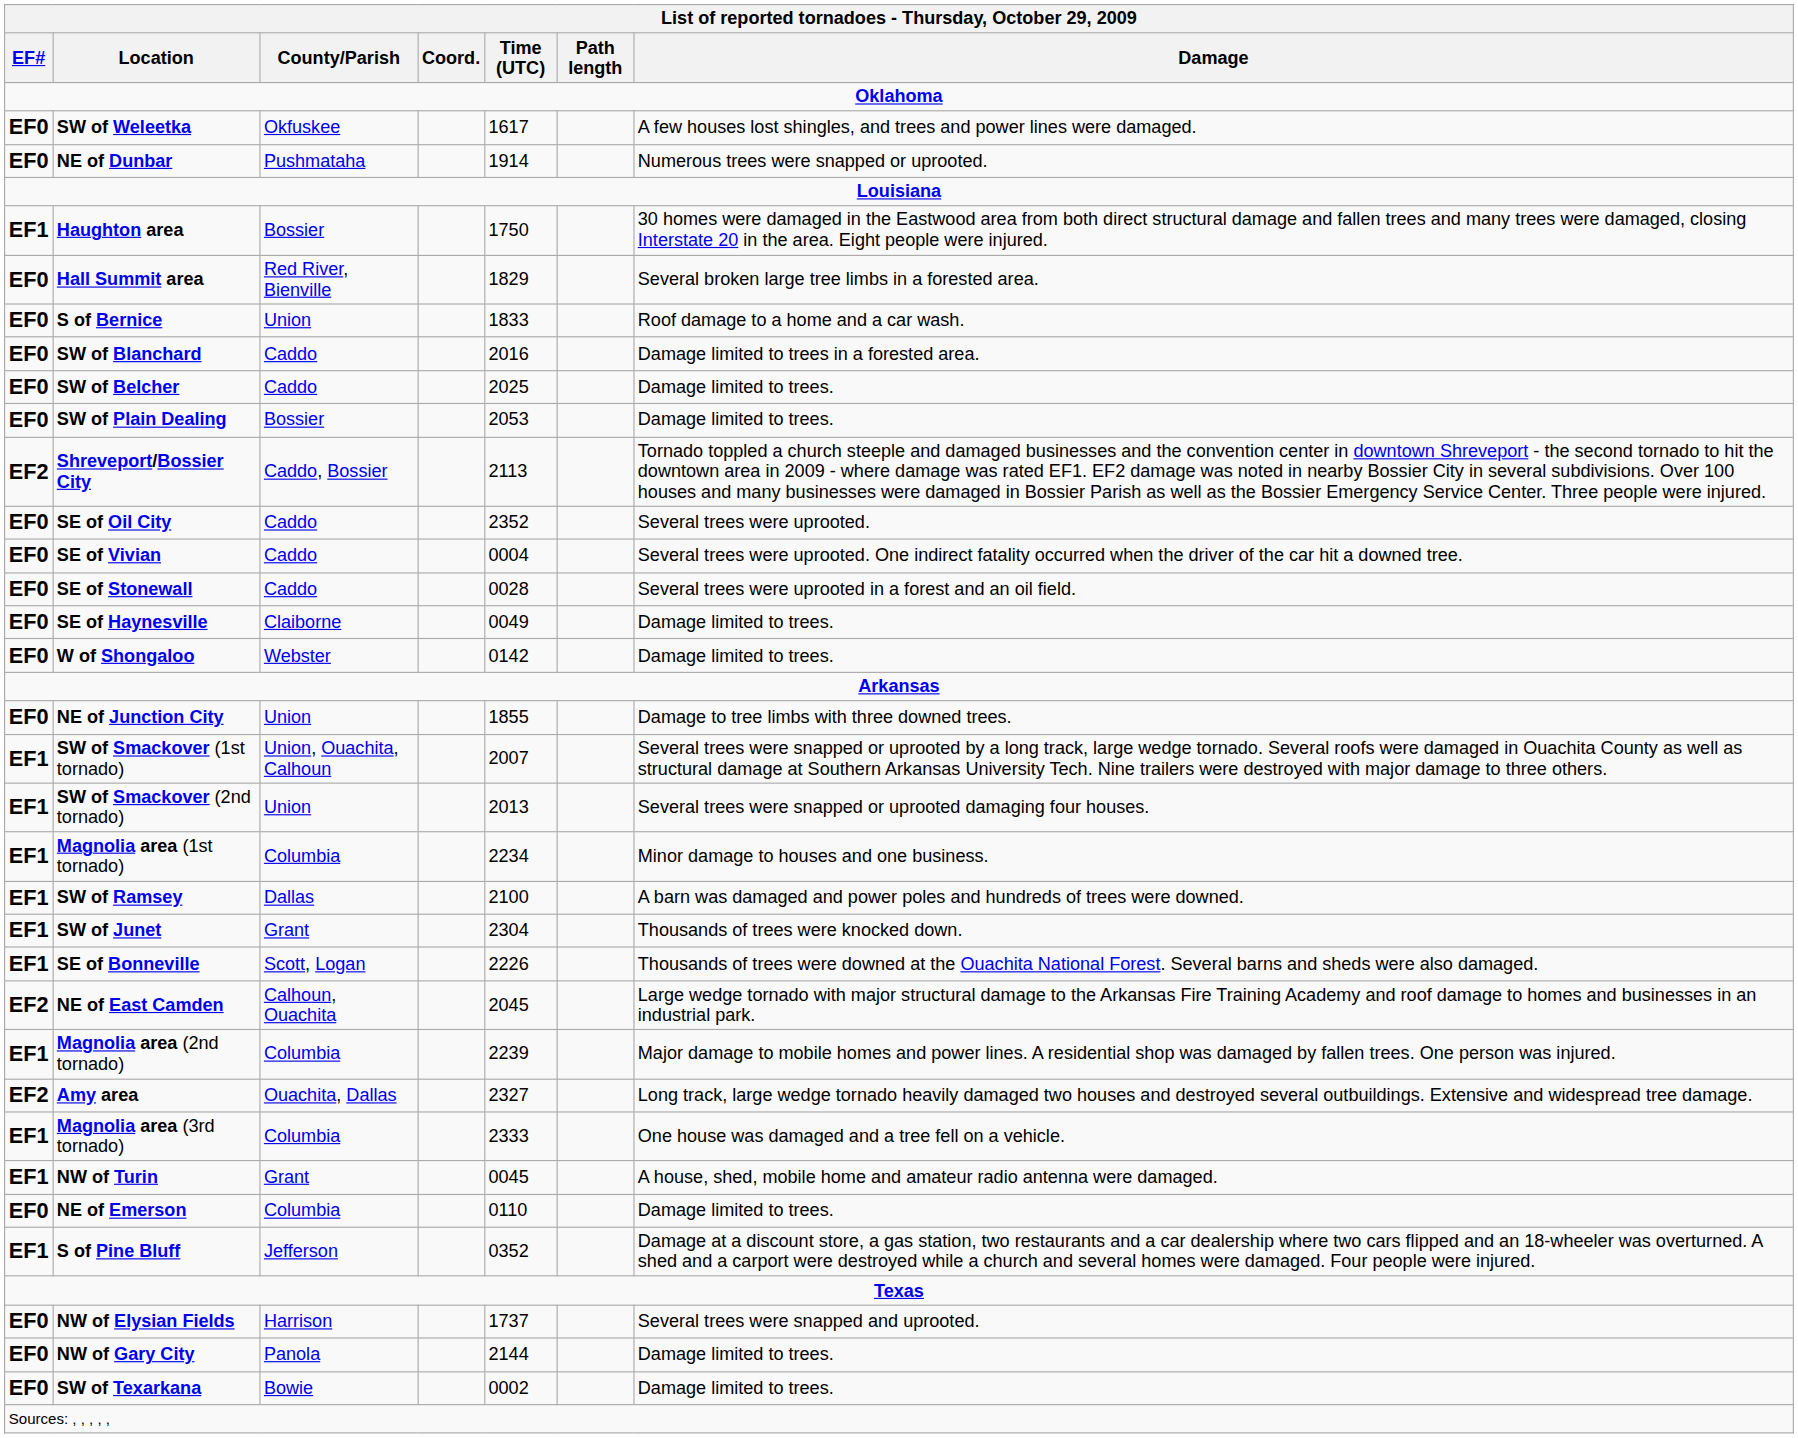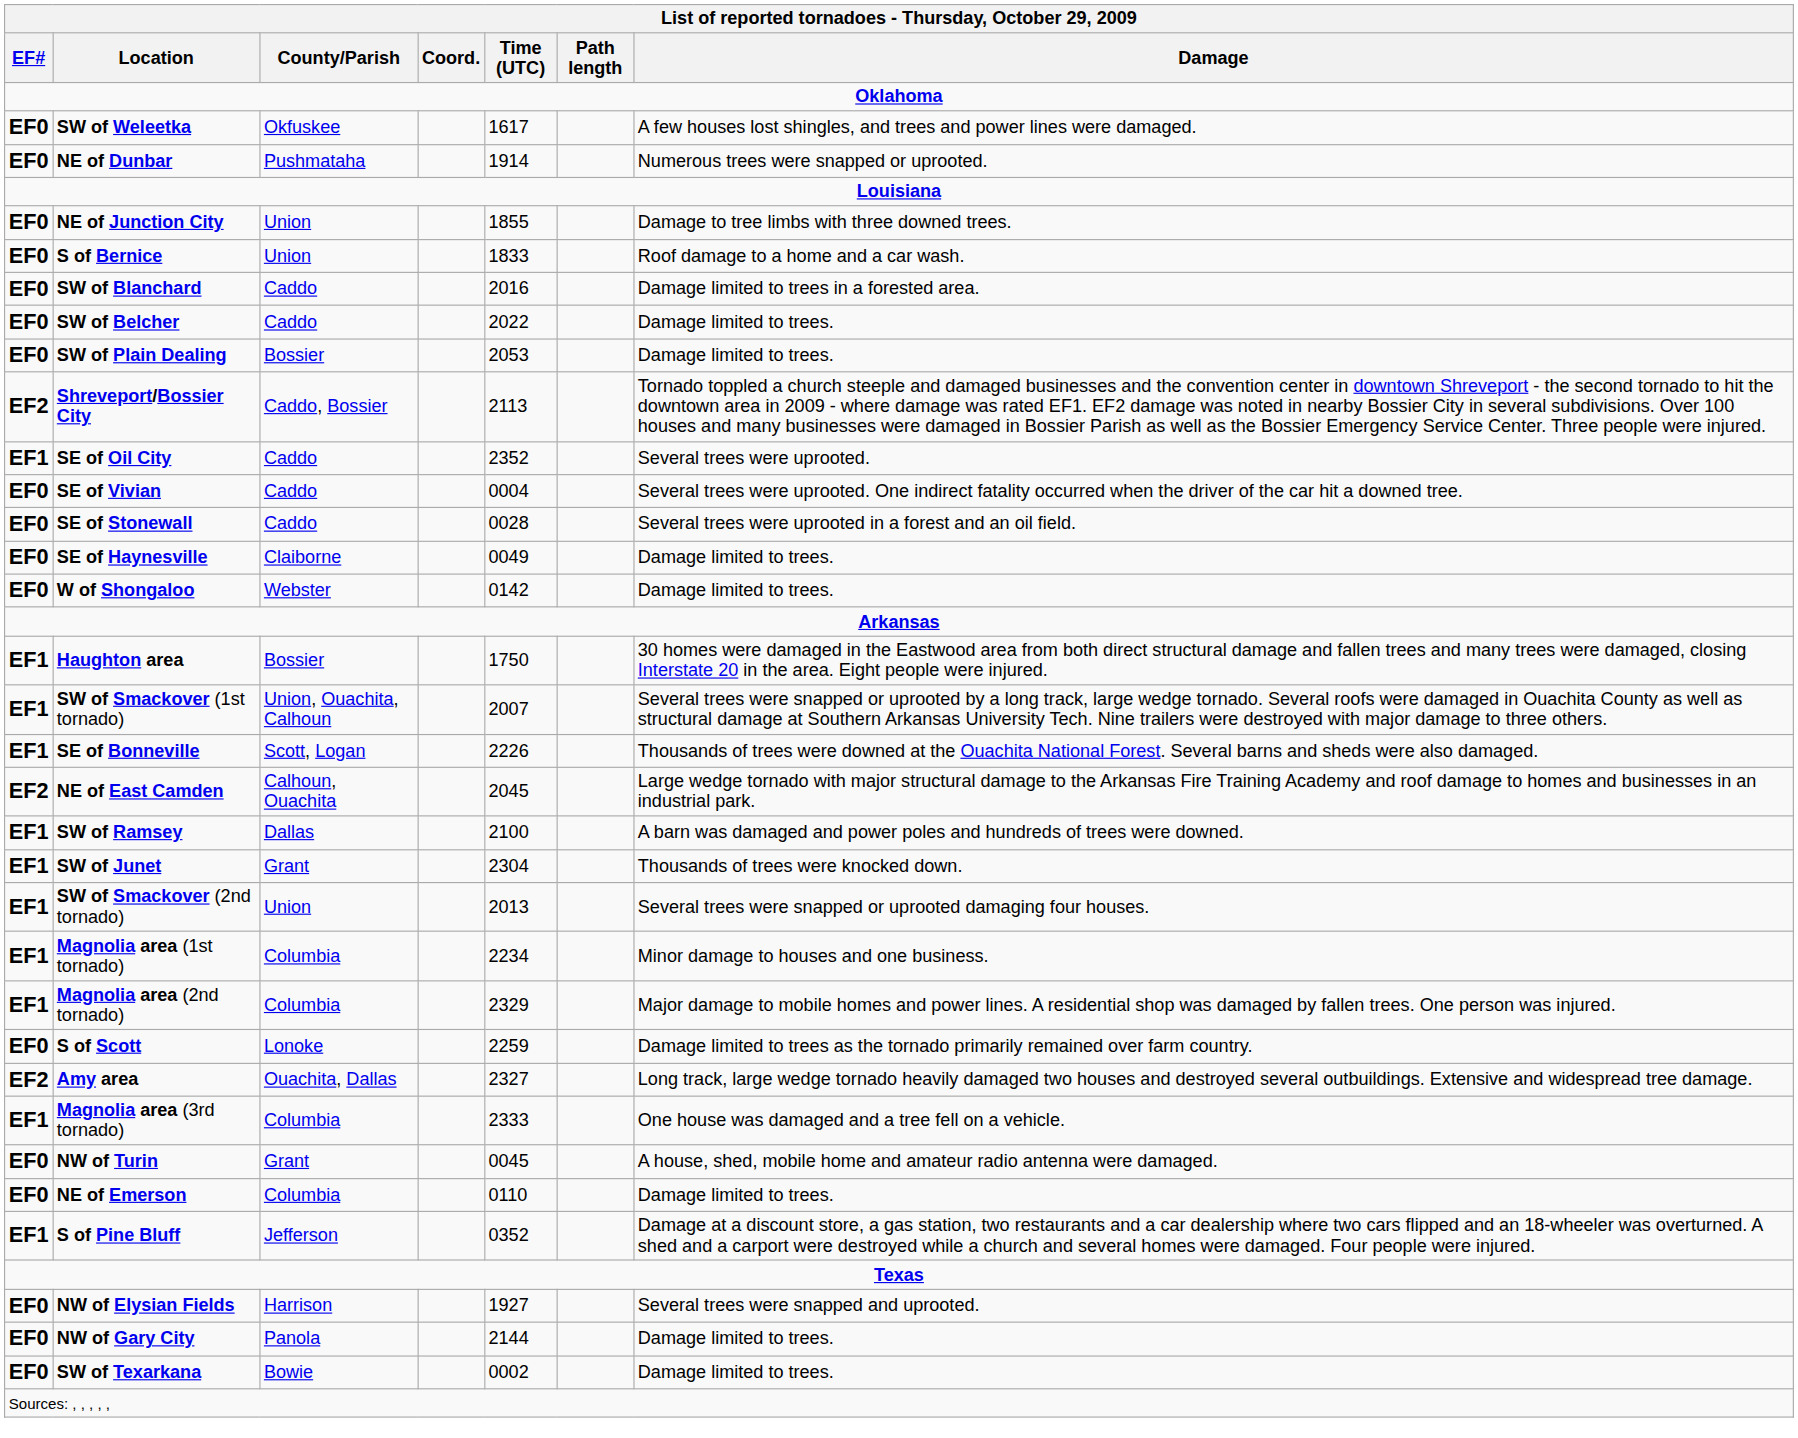 <table class="wikitable collapsible" width="100%">
 <tr>
 <th colspan="7">List of reported tornadoes - Thursday, October 29, 2009</th>
 </tr>
 <tr>
 <th><a href='#'>EF#</a></th>
 <th>Location</th>
 <th>County/Parish</th>
 <th>Coord.</th>
 <th>Time (UTC)</th>
 <th>Path length</th>
 <th>Damage</th>
 </tr>
 <tr>
 <td colspan="7" align=center><strong><a href='#'>Oklahoma</a></strong></td>
 </tr>
 <tr>
 <td><big><strong>EF0</strong></big></td>
 <td><strong>SW of <a href='#'>Weleetka</a></strong></td>
 <td><a href='#'>Okfuskee</a></td>
 <td></td>
 <td>1617</td>
 <td></td>
 <td>A few houses lost shingles, and trees and power lines were damaged.</td>
 </tr>
 <tr>
 <td><big><strong>EF0</strong></big></td>
 <td><strong>NE of <a href='#'>Dunbar</a></strong></td>
 <td><a href='#'>Pushmataha</a></td>
 <td></td>
 <td>1914</td>
 <td></td>
 <td>Numerous trees were snapped or uprooted.</td>
 </tr>
 <tr>
 <td colspan="7" align=center><strong><a href='#'>Louisiana</a></strong></td>
 </tr>
 <tr>
-<td><big><strong>EF1</strong></big></td>
-<td><strong><a href='#'>Haughton</a> area</strong></td>
-<td><a href='#'>Bossier</a></td>
+<td><big><strong>EF0</strong></big></td>
+<td><strong>NE of <a href='#'>Junction City</a></strong></td>
+<td><a href='#'>Union</a></td>
 <td></td>
-<td>1750</td>
+<td>1855</td>
 <td></td>
-<td>30 homes were damaged in the Eastwood area from both direct structural damage and fallen trees and many trees were damaged, closing <a href='#'>Interstate 20</a> in the area. Eight people were injured.</td>
-</tr>
-<tr>
-<td><big><strong>EF0</strong></big></td>
-<td><strong><a href='#'>Hall Summit</a> area</strong></td>
-<td><a href='#'>Red River</a>, <a href='#'>Bienville</a></td>
-<td></td>
-<td>1829</td>
-<td></td>
-<td>Several broken large tree limbs in a forested area.</td>
+<td>Damage to tree limbs with three downed trees.</td>
 </tr>
 <tr>
 <td><big><strong>EF0</strong></big></td>
 <td><strong>S of <a href='#'>Bernice</a></strong></td>
 <td><a href='#'>Union</a></td>
 <td></td>
 <td>1833</td>
 <td></td>
 <td>Roof damage to a home and a car wash.</td>
 </tr>
 <tr>
 <td><big><strong>EF0</strong></big></td>
 <td><strong>SW of <a href='#'>Blanchard</a></strong></td>
 <td><a href='#'>Caddo</a></td>
 <td></td>
 <td>2016</td>
 <td></td>
 <td>Damage limited to trees in a forested area.</td>
 </tr>
 <tr>
 <td><big><strong>EF0</strong></big></td>
 <td><strong>SW of <a href='#'>Belcher</a></strong></td>
 <td><a href='#'>Caddo</a></td>
 <td></td>
-<td>2025</td>
+<td>2022</td>
 <td></td>
 <td>Damage limited to trees.</td>
 </tr>
 <tr>
 <td><big><strong>EF0</strong></big></td>
 <td><strong>SW of <a href='#'>Plain Dealing</a></strong></td>
 <td><a href='#'>Bossier</a></td>
 <td></td>
 <td>2053</td>
 <td></td>
 <td>Damage limited to trees.</td>
 </tr>
 <tr>
 <td><big><strong>EF2</strong></big></td>
 <td><strong><a href='#'>Shreveport</a>/<a href='#'>Bossier City</a></strong></td>
 <td><a href='#'>Caddo</a>, <a href='#'>Bossier</a></td>
 <td></td>
 <td>2113</td>
 <td></td>
 <td>Tornado toppled a church steeple and damaged businesses and the convention center in <a href='#'>downtown Shreveport</a> - the second tornado to hit the downtown area in 2009 - where damage was rated EF1. EF2 damage was noted in nearby Bossier City in several subdivisions. Over 100 houses and many businesses were damaged in Bossier Parish as well as the Bossier Emergency Service Center. Three people were injured.</td>
 </tr>
 <tr>
-<td><big><strong>EF0</strong></big></td>
+<td><big><strong>EF1</strong></big></td>
 <td><strong>SE of <a href='#'>Oil City</a></strong></td>
 <td><a href='#'>Caddo</a></td>
 <td></td>
 <td>2352</td>
 <td></td>
 <td>Several trees were uprooted.</td>
 </tr>
 <tr>
 <td><big><strong>EF0</strong></big></td>
 <td><strong>SE of <a href='#'>Vivian</a></strong></td>
 <td><a href='#'>Caddo</a></td>
 <td></td>
 <td>0004</td>
 <td></td>
 <td>Several trees were uprooted. One indirect fatality occurred when the driver of the car hit a downed tree.</td>
 </tr>
 <tr>
 <td><big><strong>EF0</strong></big></td>
 <td><strong>SE of <a href='#'>Stonewall</a></strong></td>
 <td><a href='#'>Caddo</a></td>
 <td></td>
 <td>0028</td>
 <td></td>
 <td>Several trees were uprooted in a forest and an oil field.</td>
 </tr>
 <tr>
 <td><big><strong>EF0</strong></big></td>
 <td><strong>SE of <a href='#'>Haynesville</a></strong></td>
 <td><a href='#'>Claiborne</a></td>
 <td></td>
 <td>0049</td>
 <td></td>
 <td>Damage limited to trees.</td>
 </tr>
 <tr>
 <td><big><strong>EF0</strong></big></td>
 <td><strong>W of <a href='#'>Shongaloo</a></strong></td>
 <td><a href='#'>Webster</a></td>
 <td></td>
 <td>0142</td>
 <td></td>
 <td>Damage limited to trees.</td>
 </tr>
 <tr>
 <td colspan="7" align=center><strong><a href='#'>Arkansas</a></strong></td>
 </tr>
 <tr>
-<td><big><strong>EF0</strong></big></td>
-<td><strong>NE of <a href='#'>Junction City</a></strong></td>
-<td><a href='#'>Union</a></td>
+<td><big><strong>EF1</strong></big></td>
+<td><strong><a href='#'>Haughton</a> area</strong></td>
+<td><a href='#'>Bossier</a></td>
 <td></td>
-<td>1855</td>
+<td>1750</td>
 <td></td>
-<td>Damage to tree limbs with three downed trees.</td>
+<td>30 homes were damaged in the Eastwood area from both direct structural damage and fallen trees and many trees were damaged, closing <a href='#'>Interstate 20</a> in the area. Eight people were injured.</td>
 </tr>
 <tr>
 <td><big><strong>EF1</strong></big></td>
 <td><strong>SW of <a href='#'>Smackover</a></strong> (1st tornado)</td>
 <td><a href='#'>Union</a>, <a href='#'>Ouachita</a>, <a href='#'>Calhoun</a></td>
 <td></td>
 <td>2007</td>
 <td></td>
 <td>Several trees were snapped or uprooted by a long track, large wedge tornado. Several roofs were damaged in Ouachita County as well as structural damage at Southern Arkansas University Tech. Nine trailers were destroyed with major damage to three others.</td>
+</tr>
+<tr>
+<td><big><strong>EF1</strong></big></td>
+<td><strong>SE of <a href='#'>Bonneville</a></strong></td>
+<td><a href='#'>Scott</a>, <a href='#'>Logan</a></td>
+<td></td>
+<td>2226</td>
+<td></td>
+<td>Thousands of trees were downed at the <a href='#'>Ouachita National Forest</a>. Several barns and sheds were also damaged.</td>
+</tr>
+<tr>
+<td><big><strong>EF2</strong></big></td>
+<td><strong>NE of <a href='#'>East Camden</a></strong></td>
+<td><a href='#'>Calhoun</a>, <a href='#'>Ouachita</a></td>
+<td></td>
+<td>2045</td>
+<td></td>
+<td>Large wedge tornado with major structural damage to the Arkansas Fire Training Academy and roof damage to homes and businesses in an industrial park.</td>
+</tr>
+<tr>
+<td><big><strong>EF1</strong></big></td>
+<td><strong>SW of <a href='#'>Ramsey</a></strong></td>
+<td><a href='#'>Dallas</a></td>
+<td></td>
+<td>2100</td>
+<td></td>
+<td>A barn was damaged and power poles and hundreds of trees were downed.</td>
+</tr>
+<tr>
+<td><big><strong>EF1</strong></big></td>
+<td><strong>SW of <a href='#'>Junet</a></strong></td>
+<td><a href='#'>Grant</a></td>
+<td></td>
+<td>2304</td>
+<td></td>
+<td>Thousands of trees were knocked down.</td>
 </tr>
 <tr>
 <td><big><strong>EF1</strong></big></td>
 <td><strong>SW of <a href='#'>Smackover</a></strong> (2nd tornado)</td>
 <td><a href='#'>Union</a></td>
 <td></td>
 <td>2013</td>
 <td></td>
 <td>Several trees were snapped or uprooted damaging four houses.</td>
 </tr>
 <tr>
 <td><big><strong>EF1</strong></big></td>
 <td><strong><a href='#'>Magnolia</a> area</strong> (1st tornado)</td>
 <td><a href='#'>Columbia</a></td>
 <td></td>
 <td>2234</td>
 <td></td>
 <td>Minor damage to houses and one business.</td>
 </tr>
 <tr>
 <td><big><strong>EF1</strong></big></td>
-<td><strong>SW of <a href='#'>Ramsey</a></strong></td>
-<td><a href='#'>Dallas</a></td>
-<td></td>
-<td>2100</td>
-<td></td>
-<td>A barn was damaged and power poles and hundreds of trees were downed.</td>
-</tr>
-<tr>
-<td><big><strong>EF1</strong></big></td>
-<td><strong>SW of <a href='#'>Junet</a></strong></td>
-<td><a href='#'>Grant</a></td>
-<td></td>
-<td>2304</td>
-<td></td>
-<td>Thousands of trees were knocked down.</td>
-</tr>
-<tr>
-<td><big><strong>EF1</strong></big></td>
-<td><strong>SE of <a href='#'>Bonneville</a></strong></td>
-<td><a href='#'>Scott</a>, <a href='#'>Logan</a></td>
-<td></td>
-<td>2226</td>
-<td></td>
-<td>Thousands of trees were downed at the <a href='#'>Ouachita National Forest</a>. Several barns and sheds were also damaged.</td>
-</tr>
-<tr>
-<td><big><strong>EF2</strong></big></td>
-<td><strong>NE of <a href='#'>East Camden</a></strong></td>
-<td><a href='#'>Calhoun</a>, <a href='#'>Ouachita</a></td>
-<td></td>
-<td>2045</td>
-<td></td>
-<td>Large wedge tornado with major structural damage to the Arkansas Fire Training Academy and roof damage to homes and businesses in an industrial park.</td>
-</tr>
-<tr>
-<td><big><strong>EF1</strong></big></td>
 <td><strong><a href='#'>Magnolia</a> area</strong> (2nd tornado)</td>
 <td><a href='#'>Columbia</a></td>
 <td></td>
-<td>2239</td>
+<td>2329</td>
 <td></td>
 <td>Major damage to mobile homes and power lines. A residential shop was damaged by fallen trees. One person was injured.</td>
+</tr>
+<tr>
+<td><big><strong>EF0</strong></big></td>
+<td><strong>S of <a href='#'>Scott</a></strong></td>
+<td><a href='#'>Lonoke</a></td>
+<td></td>
+<td>2259</td>
+<td></td>
+<td>Damage limited to trees as the tornado primarily remained over farm country.</td>
 </tr>
 <tr>
 <td><big><strong>EF2</strong></big></td>
 <td><strong><a href='#'>Amy</a> area</strong></td>
 <td><a href='#'>Ouachita</a>, <a href='#'>Dallas</a></td>
 <td></td>
 <td>2327</td>
 <td></td>
 <td>Long track, large wedge tornado heavily damaged two houses and destroyed several outbuildings. Extensive and widespread tree damage.</td>
 </tr>
 <tr>
 <td><big><strong>EF1</strong></big></td>
 <td><strong><a href='#'>Magnolia</a> area</strong> (3rd tornado)</td>
 <td><a href='#'>Columbia</a></td>
 <td></td>
 <td>2333</td>
 <td></td>
 <td>One house was damaged and a tree fell on a vehicle.</td>
 </tr>
 <tr>
-<td><big><strong>EF1</strong></big></td>
+<td><big><strong>EF0</strong></big></td>
 <td><strong>NW of <a href='#'>Turin</a></strong></td>
 <td><a href='#'>Grant</a></td>
 <td></td>
 <td>0045</td>
 <td></td>
 <td>A house, shed, mobile home and amateur radio antenna were damaged.</td>
 </tr>
 <tr>
 <td><big><strong>EF0</strong></big></td>
 <td><strong>NE of <a href='#'>Emerson</a></strong></td>
 <td><a href='#'>Columbia</a></td>
 <td></td>
 <td>0110</td>
 <td></td>
 <td>Damage limited to trees.</td>
 </tr>
 <tr>
 <td><big><strong>EF1</strong></big></td>
 <td><strong>S of <a href='#'>Pine Bluff</a></strong></td>
 <td><a href='#'>Jefferson</a></td>
 <td></td>
 <td>0352</td>
 <td></td>
 <td>Damage at a discount store, a gas station, two restaurants and a car dealership where two cars flipped and an 18-wheeler was overturned. A shed and a carport were destroyed while a church and several homes were damaged. Four people were injured.</td>
 </tr>
 <tr>
 <td colspan="7" align=center><strong><a href='#'>Texas</a></strong></td>
 </tr>
 <tr>
 <td><big><strong>EF0</strong></big></td>
 <td><strong>NW of <a href='#'>Elysian Fields</a></strong></td>
 <td><a href='#'>Harrison</a></td>
 <td></td>
-<td>1737</td>
+<td>1927</td>
 <td></td>
 <td>Several trees were snapped and uprooted.</td>
 </tr>
 <tr>
 <td><big><strong>EF0</strong></big></td>
 <td><strong>NW of <a href='#'>Gary City</a></strong></td>
 <td><a href='#'>Panola</a></td>
 <td></td>
 <td>2144</td>
 <td></td>
 <td>Damage limited to trees.</td>
 </tr>
 <tr>
 <td><big><strong>EF0</strong></big></td>
 <td><strong>SW of <a href='#'>Texarkana</a></strong></td>
 <td><a href='#'>Bowie</a></td>
 <td></td>
 <td>0002</td>
 <td></td>
 <td>Damage limited to trees.</td>
 </tr>
 <tr>
 <td colspan="7"><small>Sources: , , , , , </small></td>
 </tr>
 </table>
